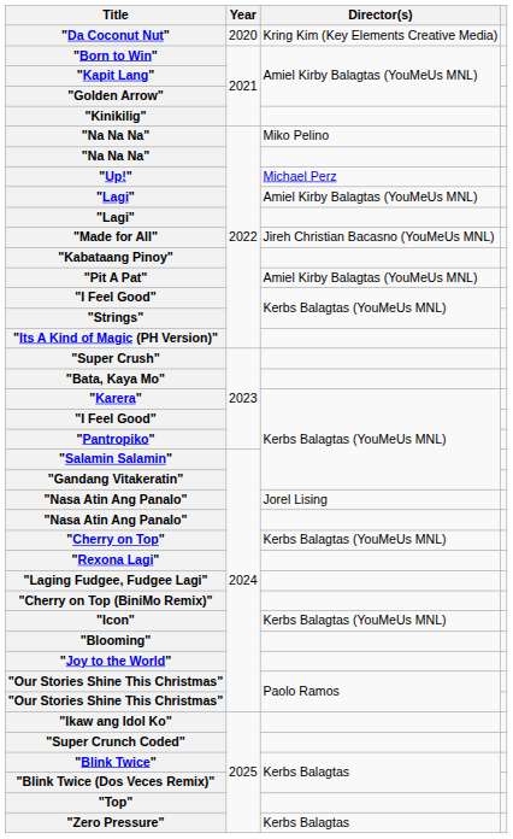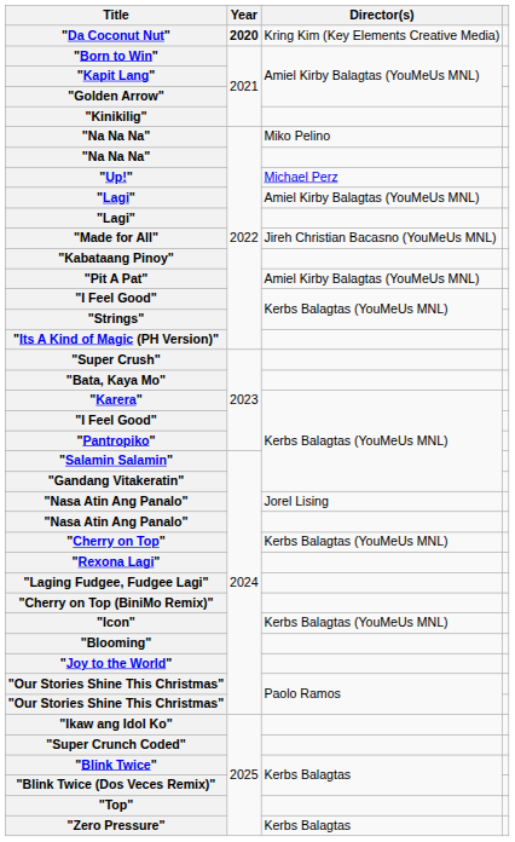 <table class="wikitable plainrowheaders">
 <tr>
 <th scope="col">Title</th>
 <th scope="col">Year</th>
 <th scope="col">Director(s)</th>
 <th scope="col"></th>
 </tr>
 <tr>
 <th scope="row">"<a href='#'>Da Coconut Nut</a>"</th>
-<td>2020</td>
+<td><strong>2020</strong></td>
 <td>Kring Kim (Key Elements Creative Media)</td>
 <td></td>
 </tr>
 <tr>
 <th scope="row">"<a href='#'>Born to Win</a>"</th>
 <td rowspan="4">2021</td>
 <td rowspan="3">Amiel Kirby Balagtas (YouMeUs MNL)</td>
 <td></td>
 </tr>
 <tr>
 <th scope="row">"<a href='#'>Kapit Lang</a>"</th>
 <td></td>
 </tr>
 <tr>
 <th scope="row">"Golden Arrow"</th>
 <td></td>
 </tr>
 <tr>
 <th scope="row">"Kinikilig"</th>
 <td></td>
 <td></td>
 </tr>
 <tr>
 <th scope="row">"Na Na Na" </th>
 <td rowspan="11">2022</td>
 <td>Miko Pelino</td>
 <td></td>
 </tr>
 <tr>
 <th scope="row">"Na Na Na" </th>
 <td></td>
 <td></td>
 </tr>
 <tr>
 <th scope="row">"<a href='#'>Up!</a>" </th>
 <td><a href='#'>Michael Perz</a></td>
 <td></td>
 </tr>
 <tr>
 <th scope="row">"<a href='#'>Lagi</a>" </th>
 <td>Amiel Kirby Balagtas (YouMeUs MNL)</td>
 <td></td>
 </tr>
 <tr>
 <th scope="row">"Lagi" </th>
 <td></td>
 <td></td>
 </tr>
 <tr>
 <th scope="row">"Made for All"</th>
 <td>Jireh Christian Bacasno (YouMeUs MNL)</td>
 <td></td>
 </tr>
 <tr>
 <th scope="row">"Kabataang Pinoy" </th>
 <td></td>
 <td></td>
 </tr>
 <tr>
 <th scope="row">"Pit A Pat"</th>
 <td>Amiel Kirby Balagtas (YouMeUs MNL)</td>
 <td></td>
 </tr>
 <tr>
 <th scope="row">"I Feel Good"</th>
 <td rowspan="2">Kerbs Balagtas (YouMeUs MNL)</td>
 <td></td>
 </tr>
 <tr>
 <th scope="row">"Strings"</th>
 <td></td>
 </tr>
 <tr>
 <th scope="row">"<a href='#'>Its A Kind of Magic</a> (PH Version)" </th>
 <td></td>
 <td></td>
 </tr>
 <tr>
 <th scope="row">"Super Crush"</th>
 <td rowspan="5">2023</td>
 <td></td>
 <td></td>
 </tr>
 <tr>
 <th scope="row">"Bata, Kaya Mo"</th>
 <td></td>
 <td></td>
 </tr>
 <tr>
 <th scope="row">"<a href='#'>Karera</a>"</th>
 <td rowspan="5">Kerbs Balagtas (YouMeUs MNL)</td>
 <td></td>
 </tr>
 <tr>
 <th scope="row">"I Feel Good" </th>
 <td></td>
 </tr>
 <tr>
 <th scope="row">"<a href='#'>Pantropiko</a>"</th>
 <td></td>
 </tr>
 <tr>
 <th scope="row">"<a href='#'>Salamin Salamin</a>"</th>
 <td rowspan="13">2024</td>
 <td></td>
 </tr>
 <tr>
 <th scope="row">"Gandang Vitakeratin"</th>
 <td></td>
 </tr>
 <tr>
 <th scope="row">"Nasa Atin Ang Panalo" </th>
 <td>Jorel Lising</td>
 <td></td>
 </tr>
 <tr>
 <th scope="row">"Nasa Atin Ang Panalo" </th>
 <td></td>
 <td></td>
 </tr>
 <tr>
 <th scope="row">"<a href='#'>Cherry on Top</a>"</th>
 <td>Kerbs Balagtas (YouMeUs MNL)</td>
 <td></td>
 </tr>
 <tr>
 <th scope="row">"<a href='#'>Rexona Lagi</a>"</th>
 <td></td>
 <td></td>
 </tr>
 <tr>
 <th scope="row">"Laging Fudgee, Fudgee Lagi"</th>
 <td></td>
 <td></td>
 </tr>
 <tr>
 <th scope="row">"Cherry on Top (BiniMo Remix)" </th>
 <td></td>
 <td></td>
 </tr>
 <tr>
 <th scope="row">"Icon"</th>
 <td>Kerbs Balagtas (YouMeUs MNL)</td>
 <td></td>
 </tr>
 <tr>
 <th scope="row">"Blooming"</th>
 <td></td>
 <td></td>
 </tr>
 <tr>
 <th scope="row">"<a href='#'>Joy to the World</a>"</th>
 <td></td>
 <td></td>
 </tr>
 <tr>
 <th scope="row">"Our Stories Shine This Christmas" </th>
 <td rowspan="2">Paolo Ramos</td>
 <td></td>
 </tr>
 <tr>
 <th scope="row">"Our Stories Shine This Christmas" </th>
 <td></td>
 </tr>
 <tr>
 <th scope="row">"Ikaw ang Idol Ko"</th>
 <td rowspan="6">2025</td>
 <td></td>
 <td></td>
 </tr>
 <tr>
 <th scope="row">"Super Crunch Coded"</th>
 <td></td>
 <td></td>
 </tr>
 <tr>
 <th scope="row">"<a href='#'>Blink Twice</a>"</th>
 <td rowspan="2">Kerbs Balagtas</td>
 <td></td>
 </tr>
 <tr>
 <th scope="row">"Blink Twice (Dos Veces Remix)" </th>
 <td></td>
 </tr>
 <tr>
 <th scope="row">"Top"</th>
 <td></td>
 <td></td>
 </tr>
 <tr>
 <th scope="row">"Zero Pressure"</th>
 <td>Kerbs Balagtas</td>
 <td></td>
 </tr>
 </table>
